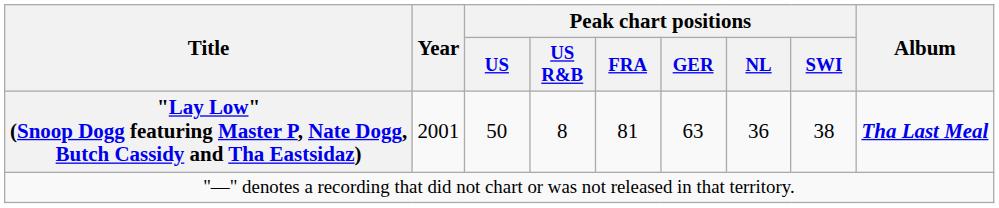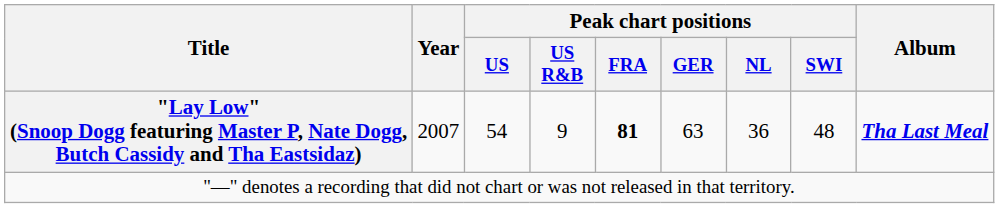 <table class="wikitable plainrowheaders" style="text-align:center;">
 <tr>
 <th scope="col" rowspan="2" style="width:19em;">Title</th>
 <th scope="col" rowspan="2">Year</th>
 <th scope="col" colspan="6">Peak chart positions</th>
 <th scope="col" rowspan="2">Album</th>
 </tr>
 <tr>
 <th style="width:3em; font-size:90%"><a href='#'>US</a><br></th>
 <th style="width:3em; font-size:90%"><a href='#'>US<br>R&B</a><br></th>
 <th style="width:3em; font-size:90%"><a href='#'>FRA</a><br></th>
 <th style="width:3em; font-size:90%"><a href='#'>GER</a><br></th>
 <th style="width:3em; font-size:90%"><a href='#'>NL</a><br></th>
 <th style="width:3em;font-size:90%;"><a href='#'>SWI</a><br></th>
 </tr>
 <tr>
 <th scope="row">"<a href='#'>Lay Low</a>"<br><span>(<a href='#'>Snoop Dogg</a> featuring <a href='#'>Master P</a>, <a href='#'>Nate Dogg</a>, <a href='#'>Butch Cassidy</a> and <a href='#'>Tha Eastsidaz</a>)</span></th>
-<td>2001</td>
-<td>50</td>
-<td>8</td>
-<td>81</td>
+<td>2007</td>
+<td>54</td>
+<td>9</td>
+<td><strong>81</strong></td>
 <td>63</td>
 <td>36</td>
-<td>38</td>
+<td>48</td>
 <td><strong><em><a href='#'>Tha Last Meal</a></em></strong></td>
 </tr>
 <tr>
 <td colspan="9" style="font-size:90%">"—" denotes a recording that did not chart or was not released in that territory.</td>
 </tr>
 </table>
